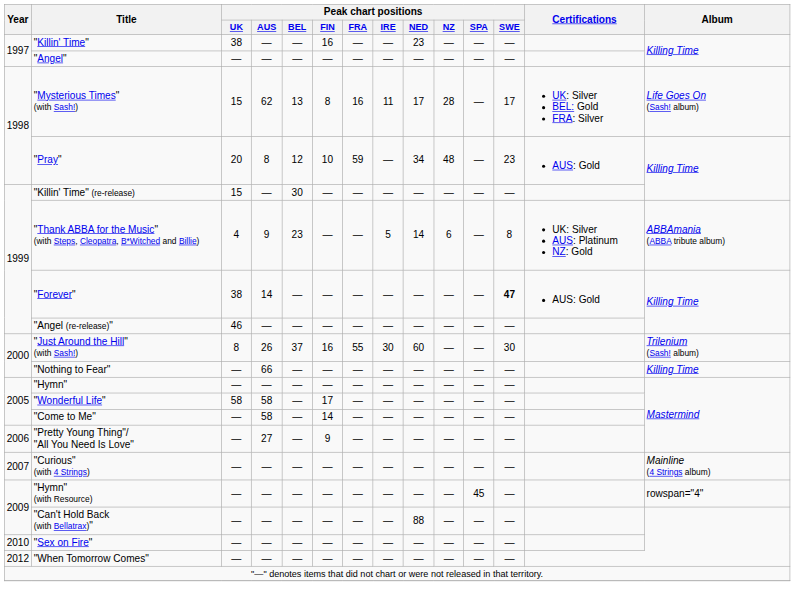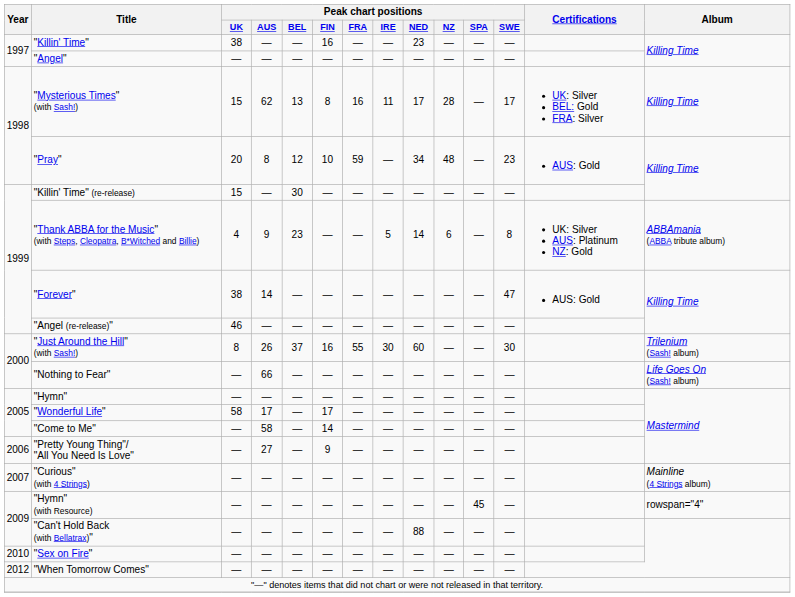 <table class="wikitable">
 <tr>
 <th rowspan="2">Year</th>
 <th rowspan="2" style="width:20em;">Title</th>
 <th colspan="10">Peak chart positions</th>
 <th rowspan="2" style="width:12em;"><a href='#'>Certifications</a></th>
 <th rowspan="2" style="width:15em;">Album</th>
 </tr>
 <tr>
 <th style="width:3em;font-size:90%;"><a href='#'>UK</a><br></th>
 <th style="width:3em;font-size:90%;"><a href='#'>AUS</a><br></th>
 <th style="width:3em;font-size:90%;"><a href='#'>BEL</a><br></th>
 <th style="width:3em;font-size:90%;"><a href='#'>FIN</a><br></th>
 <th style="width:3em;font-size:90%;"><a href='#'>FRA</a><br></th>
 <th style="width:3em;font-size:90%;"><a href='#'>IRE</a><br></th>
 <th style="width:3em;font-size:90%;"><a href='#'>NED</a><br></th>
 <th style="width:3em;font-size:90%;"><a href='#'>NZ</a><br></th>
 <th style="width:3em;font-size:90%;"><a href='#'>SPA</a><br></th>
 <th style="width:3em;font-size:90%;"><a href='#'>SWE</a><br></th>
 </tr>
 <tr>
 <td rowspan="2">1997</td>
 <td>"<a href='#'>Killin' Time</a>"</td>
 <td align="center">38</td>
 <td align="center">—</td>
 <td align="center">—</td>
 <td align="center">16</td>
 <td align="center">—</td>
 <td align="center">—</td>
 <td align="center">23</td>
 <td align="center">—</td>
 <td align="center">—</td>
 <td align="center">—</td>
 <td></td>
 <td rowspan="2"><em><a href='#'>Killing Time</a></em></td>
 </tr>
 <tr>
 <td>"<a href='#'>Angel</a>"</td>
 <td align="center">—</td>
 <td align="center">—</td>
 <td align="center">—</td>
 <td align="center">—</td>
 <td align="center">—</td>
 <td align="center">—</td>
 <td align="center">—</td>
 <td align="center">—</td>
 <td align="center">—</td>
 <td align="center">—</td>
 <td></td>
 </tr>
 <tr>
 <td rowspan="2">1998</td>
 <td>"<a href='#'>Mysterious Times</a>"<br><small>(with <a href='#'>Sash!</a>)</small></td>
 <td align="center">15</td>
 <td align="center">62</td>
 <td align="center">13</td>
 <td align="center">8</td>
 <td align="center">16</td>
 <td align="center">11</td>
 <td align="center">17</td>
 <td align="center">28</td>
 <td align="center">—</td>
 <td align="center">17</td>
 <td><br><ul><li><a href='#'>UK</a>: Silver</li><li><a href='#'>BEL:</a> Gold</li><li><a href='#'>FRA</a>: Silver</li></ul></td>
-<td rowspan="1"><em><a href='#'>Life Goes On</a></em><br><small>(<a href='#'>Sash!</a> album)</small></td>
+<td><em><a href='#'>Killing Time</a></em></td>
 </tr>
 <tr>
 <td>"<a href='#'>Pray</a>"</td>
 <td align="center">20</td>
 <td align="center">8</td>
 <td align="center">12</td>
 <td align="center">10</td>
 <td align="center">59</td>
 <td align="center">—</td>
 <td align="center">34</td>
 <td align="center">48</td>
 <td align="center">—</td>
 <td align="center">23</td>
 <td><br><ul><li><a href='#'>AUS</a>: Gold</li></ul></td>
 <td rowspan="2"><em><a href='#'>Killing Time</a></em></td>
 </tr>
 <tr>
 <td rowspan="4">1999</td>
 <td>"Killin' Time" <small>(re-release)</small></td>
 <td align="center">15</td>
 <td align="center">—</td>
 <td align="center">30</td>
 <td align="center">—</td>
 <td align="center">—</td>
 <td align="center">—</td>
 <td align="center">—</td>
 <td align="center">—</td>
 <td align="center">—</td>
 <td align="center">—</td>
 <td></td>
 </tr>
 <tr>
 <td>"<a href='#'>Thank ABBA for the Music</a>"<br><small>(with <a href='#'>Steps</a>, <a href='#'>Cleopatra</a>, <a href='#'>B*Witched</a> and <a href='#'>Billie</a>)</small></td>
 <td align="center">4</td>
 <td align="center">9</td>
 <td align="center">23</td>
 <td align="center">—</td>
 <td align="center">—</td>
 <td align="center">5</td>
 <td align="center">14</td>
 <td align="center">6</td>
 <td align="center">—</td>
 <td align="center">8</td>
 <td><br><ul><li>UK: Silver</li><li><a href='#'>AUS</a>: Platinum</li><li><a href='#'>NZ</a>: Gold</li></ul></td>
 <td><em><a href='#'>ABBAmania</a></em><br><small>(<a href='#'>ABBA</a> tribute album)</small></td>
 </tr>
 <tr>
 <td>"<a href='#'>Forever</a>"</td>
 <td align="center">38</td>
 <td align="center">14</td>
 <td align="center">—</td>
 <td align="center">—</td>
 <td align="center">—</td>
 <td align="center">—</td>
 <td align="center">—</td>
 <td align="center">—</td>
 <td align="center">—</td>
-<td align="center"><strong>47</strong></td>
+<td align="center">47</td>
 <td><br><ul><li>AUS: Gold</li></ul></td>
 <td rowspan="2"><em><a href='#'>Killing Time</a></em></td>
 </tr>
 <tr>
 <td>"Angel <small>(re-release)</small>"</td>
 <td align="center">46</td>
 <td align="center">—</td>
 <td align="center">—</td>
 <td align="center">—</td>
 <td align="center">—</td>
 <td align="center">—</td>
 <td align="center">—</td>
 <td align="center">—</td>
 <td align="center">—</td>
 <td align="center">—</td>
 <td></td>
 </tr>
 <tr>
 <td rowspan="2">2000</td>
 <td>"<a href='#'>Just Around the Hill</a>"<br><small>(with <a href='#'>Sash!</a>)</small></td>
 <td align="center">8</td>
 <td align="center">26</td>
 <td align="center">37</td>
 <td align="center">16</td>
 <td align="center">55</td>
 <td align="center">30</td>
 <td align="center">60</td>
 <td align="center">—</td>
 <td align="center">—</td>
 <td align="center">30</td>
 <td></td>
 <td><em><a href='#'>Trilenium</a></em><br><small>(<a href='#'>Sash!</a> album)</small></td>
 </tr>
 <tr>
 <td>"Nothing to Fear"</td>
 <td align="center">—</td>
 <td align="center">66</td>
 <td align="center">—</td>
 <td align="center">—</td>
 <td align="center">—</td>
 <td align="center">—</td>
 <td align="center">—</td>
 <td align="center">—</td>
 <td align="center">—</td>
 <td align="center">—</td>
 <td></td>
-<td><em><a href='#'>Killing Time</a></em></td>
+<td rowspan="1"><em><a href='#'>Life Goes On</a></em><br><small>(<a href='#'>Sash!</a> album)</small></td>
 </tr>
 <tr>
 <td rowspan="3">2005</td>
 <td>"Hymn"</td>
 <td align="center">—</td>
 <td align="center">—</td>
 <td align="center">—</td>
 <td align="center">—</td>
 <td align="center">—</td>
 <td align="center">—</td>
 <td align="center">—</td>
 <td align="center">—</td>
 <td align="center">—</td>
 <td align="center">—</td>
 <td></td>
 <td rowspan="4"><em><a href='#'>Mastermind</a></em></td>
 </tr>
 <tr>
 <td>"<a href='#'>Wonderful Life</a>"</td>
 <td align="center">58</td>
-<td align="center">58</td>
+<td align="center">17</td>
 <td align="center">—</td>
 <td align="center">17</td>
 <td align="center">—</td>
 <td align="center">—</td>
 <td align="center">—</td>
 <td align="center">—</td>
 <td align="center">—</td>
 <td align="center">—</td>
 <td></td>
 </tr>
 <tr>
 <td>"Come to Me"</td>
 <td align="center">—</td>
 <td align="center">58</td>
 <td align="center">—</td>
 <td align="center">14</td>
 <td align="center">—</td>
 <td align="center">—</td>
 <td align="center">—</td>
 <td align="center">—</td>
 <td align="center">—</td>
 <td align="center">—</td>
 <td></td>
 </tr>
 <tr>
 <td>2006</td>
 <td>"Pretty Young Thing"/<br>"All You Need Is Love"</td>
 <td align="center">—</td>
 <td align="center">27</td>
 <td align="center">—</td>
 <td align="center">9</td>
 <td align="center">—</td>
 <td align="center">—</td>
 <td align="center">—</td>
 <td align="center">—</td>
 <td align="center">—</td>
 <td align="center">—</td>
 <td></td>
 </tr>
 <tr>
 <td>2007</td>
 <td>"Curious"<br><small>(with <a href='#'>4 Strings</a>)</small></td>
 <td align="center">—</td>
 <td align="center">—</td>
 <td align="center">—</td>
 <td align="center">—</td>
 <td align="center">—</td>
 <td align="center">—</td>
 <td align="center">—</td>
 <td align="center">—</td>
 <td align="center">—</td>
 <td align="center">—</td>
 <td></td>
 <td><em>Mainline</em><br><small>(<a href='#'>4 Strings</a> album)</small></td>
 </tr>
 <tr>
 <td rowspan="2">2009</td>
 <td>"Hymn"<br><small>(with Resource)</small></td>
 <td align="center">—</td>
 <td align="center">—</td>
 <td align="center">—</td>
 <td align="center">—</td>
 <td align="center">—</td>
 <td align="center">—</td>
 <td align="center">—</td>
 <td align="center">—</td>
 <td align="center">45</td>
 <td align="center">—</td>
 <td></td>
 <td>rowspan="4" </td>
 </tr>
 <tr>
 <td>"Can't Hold Back<br><small>(with <a href='#'>Bellatrax</a>)</small>"</td>
 <td align="center">—</td>
 <td align="center">—</td>
 <td align="center">—</td>
 <td align="center">—</td>
 <td align="center">—</td>
 <td align="center">—</td>
 <td align="center">88</td>
 <td align="center">—</td>
 <td align="center">—</td>
 <td align="center">—</td>
 <td></td>
 </tr>
 <tr>
 <td>2010</td>
 <td>"<a href='#'>Sex on Fire</a>"</td>
 <td align="center">—</td>
 <td align="center">—</td>
 <td align="center">—</td>
 <td align="center">—</td>
 <td align="center">—</td>
 <td align="center">—</td>
 <td align="center">—</td>
 <td align="center">—</td>
 <td align="center">—</td>
 <td align="center">—</td>
 <td></td>
 </tr>
 <tr>
 <td>2012</td>
 <td>"When Tomorrow Comes"</td>
 <td align="center">—</td>
 <td align="center">—</td>
 <td align="center">—</td>
 <td align="center">—</td>
 <td align="center">—</td>
 <td align="center">—</td>
 <td align="center">—</td>
 <td align="center">—</td>
 <td align="center">—</td>
 <td align="center">—</td>
 </tr>
 <tr>
 <td align="center" colspan="15" style="font-size:90%">"—" denotes items that did not chart or were not released in that territory.</td>
 </tr>
 <tr>
 </tr>
 </table>
